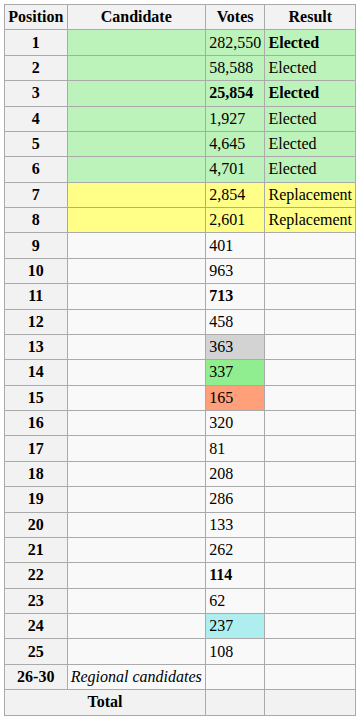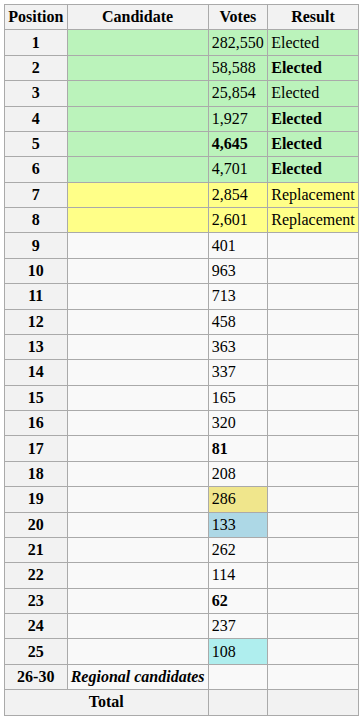 <table class="wikitable sortable col3right">
 <tr>
 <th scope="col">Position</th>
 <th scope="col">Candidate</th>
 <th scope="col">Votes</th>
 <th scope="col">Result</th>
 </tr>
 <tr bgcolor=bbf3bb>
 <th scope="row">1</th>
 <td></td>
 <td>282,550</td>
-<td><strong>Elected</strong></td>
+<td>Elected</td>
 </tr>
 <tr bgcolor=bbf3bb>
 <th scope="row">2</th>
 <td></td>
 <td>58,588</td>
-<td>Elected</td>
+<td><strong>Elected</strong></td>
 </tr>
 <tr bgcolor=bbf3bb>
 <th scope="row">3</th>
 <td></td>
-<td><strong>25,854</strong></td>
-<td><strong>Elected</strong></td>
+<td>25,854</td>
+<td>Elected</td>
 </tr>
 <tr bgcolor=bbf3bb>
 <th scope="row">4</th>
 <td></td>
 <td>1,927</td>
-<td>Elected</td>
+<td><strong>Elected</strong></td>
 </tr>
 <tr bgcolor=bbf3bb>
 <th scope="row">5</th>
 <td></td>
-<td>4,645</td>
-<td>Elected</td>
+<td><strong>4,645</strong></td>
+<td><strong>Elected</strong></td>
 </tr>
 <tr bgcolor=bbf3bb>
 <th scope="row">6</th>
 <td></td>
 <td>4,701</td>
-<td>Elected</td>
+<td><strong>Elected</strong></td>
 </tr>
 <tr bgcolor=#FF8>
 <th scope="row">7</th>
 <td></td>
 <td>2,854</td>
 <td>Replacement</td>
 </tr>
 <tr bgcolor=#FF8>
 <th scope="row">8</th>
 <td></td>
 <td>2,601</td>
 <td>Replacement</td>
 </tr>
 <tr>
 <th scope="row">9</th>
 <td></td>
 <td>401</td>
 <td></td>
 </tr>
 <tr>
 <th scope="row">10</th>
 <td></td>
 <td>963</td>
 <td></td>
 </tr>
 <tr>
 <th scope="row">11</th>
 <td></td>
-<td><strong>713</strong></td>
+<td>713</td>
 <td></td>
 </tr>
 <tr>
 <th scope="row">12</th>
 <td></td>
 <td>458</td>
 <td></td>
 </tr>
 <tr>
 <th scope="row">13</th>
 <td></td>
-<td style="background: lightgrey;">363</td>
+<td>363</td>
 <td></td>
 </tr>
 <tr>
 <th scope="row">14</th>
 <td></td>
-<td style="background: lightgreen;">337</td>
+<td>337</td>
 <td></td>
 </tr>
 <tr>
 <th scope="row">15</th>
 <td></td>
-<td style="background: lightsalmon;">165</td>
+<td>165</td>
 <td></td>
 </tr>
 <tr>
 <th scope="row">16</th>
 <td></td>
 <td>320</td>
 <td></td>
 </tr>
 <tr>
 <th scope="row">17</th>
 <td></td>
-<td>81</td>
+<td><strong>81</strong></td>
 <td></td>
 </tr>
 <tr>
 <th scope="row">18</th>
 <td></td>
 <td>208</td>
 <td></td>
 </tr>
 <tr>
 <th scope="row">19</th>
 <td></td>
-<td>286</td>
+<td style="background: khaki;">286</td>
 <td></td>
 </tr>
 <tr>
 <th scope="row">20</th>
 <td></td>
-<td>133</td>
+<td style="background: lightblue;">133</td>
 <td></td>
 </tr>
 <tr>
 <th scope="row">21</th>
 <td></td>
 <td>262</td>
 <td></td>
 </tr>
 <tr>
 <th scope="row">22</th>
 <td></td>
-<td><strong>114</strong></td>
+<td>114</td>
 <td></td>
 </tr>
 <tr>
 <th scope="row">23</th>
 <td></td>
-<td>62</td>
+<td><strong>62</strong></td>
 <td></td>
 </tr>
 <tr>
 <th scope="row">24</th>
 <td></td>
-<td style="background: paleturquoise;">237</td>
+<td>237</td>
 <td></td>
 </tr>
 <tr>
 <th scope="row">25</th>
 <td></td>
-<td>108</td>
+<td style="background: paleturquoise;">108</td>
 <td></td>
 </tr>
 <tr>
 <th scope="row">26-30</th>
-<td><em>Regional candidates</em></td>
+<td><strong><em>Regional candidates</em></strong></td>
 <td></td>
 <td></td>
 </tr>
 <tr class="sortbottom">
 <th scope="row" colspan="2">Total</th>
 <th></th>
 <th></th>
 </tr>
 </table>
